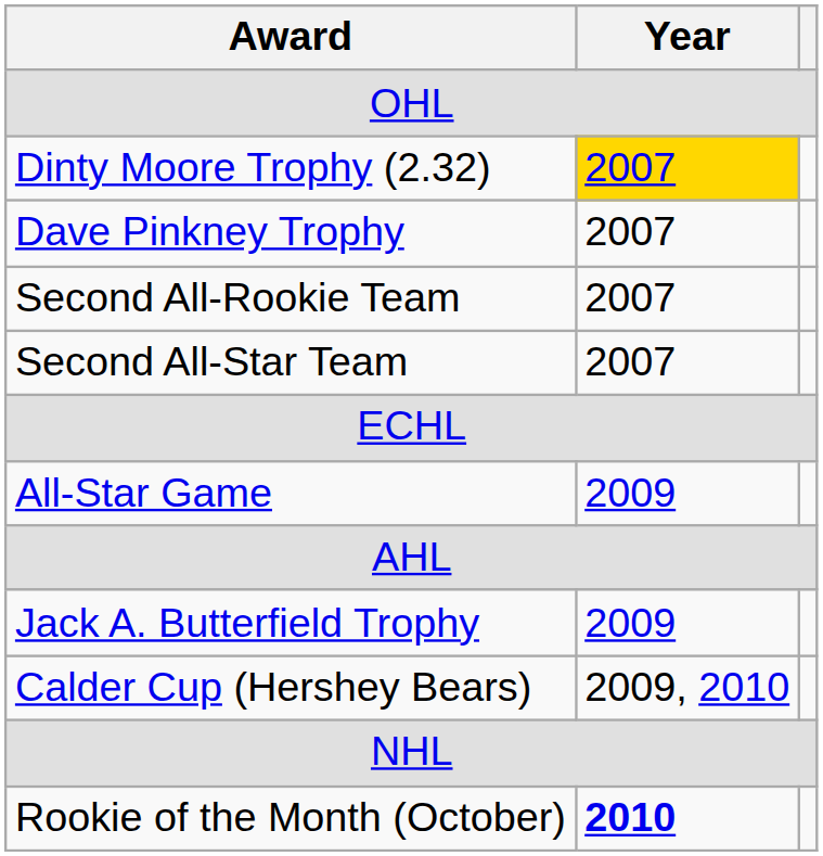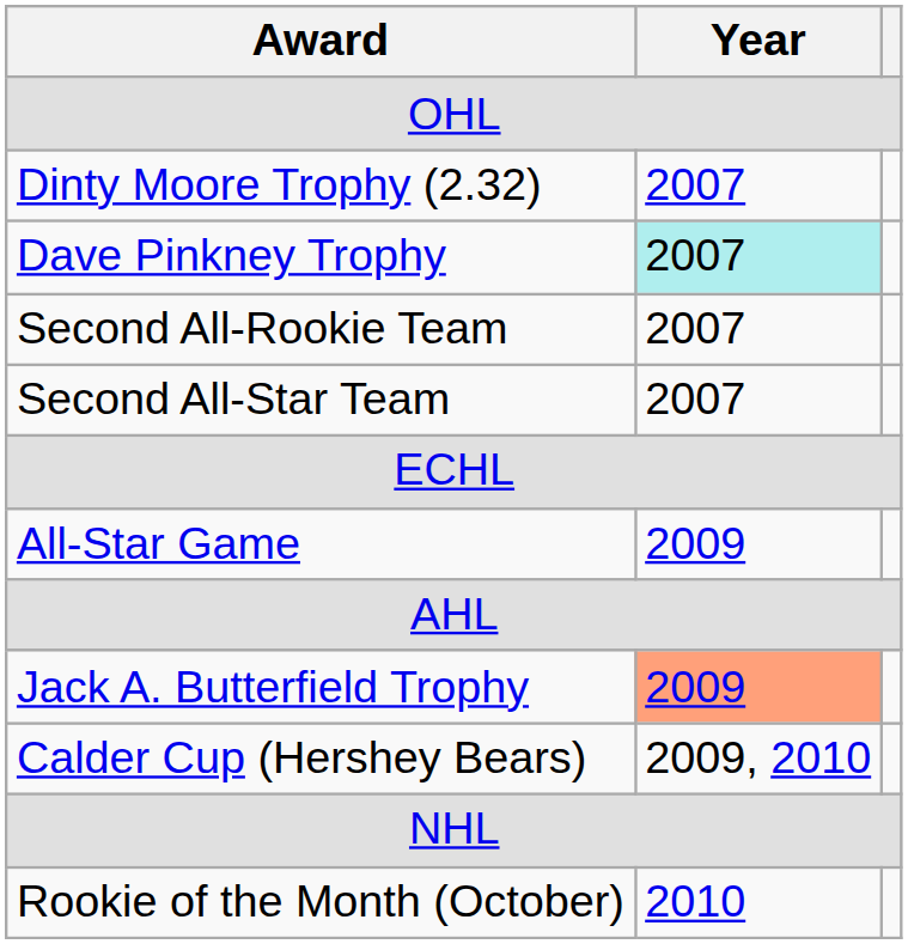 <table class="wikitable">
 <tr>
 <th>Award</th>
 <th>Year</th>
 <th></th>
 </tr>
 <tr ALIGN="center" bgcolor="#e0e0e0">
 <td colspan="3"><a href='#'>OHL</a></td>
 </tr>
 <tr>
 <td><a href='#'>Dinty Moore Trophy</a> (2.32)</td>
-<td style="background: gold;"><a href='#'>2007</a></td>
+<td><a href='#'>2007</a></td>
 <td></td>
 </tr>
 <tr>
 <td><a href='#'>Dave Pinkney Trophy</a></td>
-<td>2007</td>
+<td style="background: paleturquoise;">2007</td>
 <td></td>
 </tr>
 <tr>
 <td>Second All-Rookie Team</td>
 <td>2007</td>
 <td></td>
 </tr>
 <tr>
 <td>Second All-Star Team</td>
 <td>2007</td>
 <td></td>
 </tr>
 <tr ALIGN="center" bgcolor="#e0e0e0">
 <td colspan="3"><a href='#'>ECHL</a></td>
 </tr>
 <tr>
 <td><a href='#'>All-Star Game</a></td>
 <td><a href='#'>2009</a></td>
 <td></td>
 </tr>
 <tr ALIGN="center" bgcolor="#e0e0e0">
 <td colspan="3"><a href='#'>AHL</a></td>
 </tr>
 <tr>
 <td><a href='#'>Jack A. Butterfield Trophy</a></td>
-<td><a href='#'>2009</a></td>
+<td style="background: lightsalmon;"><a href='#'>2009</a></td>
 <td></td>
 </tr>
 <tr>
 <td><a href='#'>Calder Cup</a> (Hershey Bears)</td>
 <td>2009, <a href='#'>2010</a></td>
 <td></td>
 </tr>
 <tr ALIGN="center" bgcolor="#e0e0e0">
 <td colspan="3"><a href='#'>NHL</a></td>
 </tr>
 <tr>
 <td>Rookie of the Month (October)</td>
-<td><strong><a href='#'>2010</a></strong></td>
+<td><a href='#'>2010</a></td>
 <td></td>
 </tr>
 </table>
